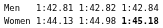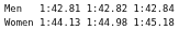 <table>
 <tr>
 <td>Men</td>
 <td></td>
 <td>1:42.81</td>
 <td></td>
 <td>1:42.82</td>
 <td></td>
 <td>1:42.84</td>
 </tr>
 <tr>
 <td>Women</td>
 <td></td>
 <td>1:44.13</td>
 <td></td>
 <td>1:44.98</td>
 <td></td>
-<td><strong>1:45.18</strong></td>
+<td>1:45.18</td>
 </tr>
 </table>
